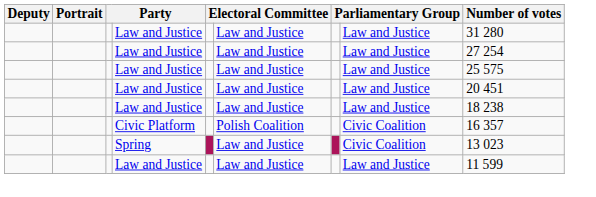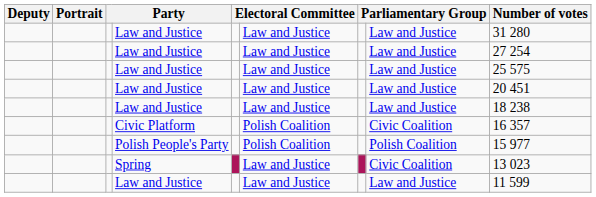 <table class="wikitable sortable" style="font-size:95%;line-height:14px;">
 <tr>
 <th>Deputy</th>
 <th>Portrait</th>
 <th colspan="2">Party</th>
 <th colspan="2">Electoral Committee</th>
 <th colspan="2">Parliamentary Group</th>
 <th>Number of votes</th>
 </tr>
 <tr>
 <td></td>
 <td></td>
 <td style="background:"></td>
 <td><a href='#'>Law and Justice</a></td>
 <td style="background:"></td>
 <td><a href='#'>Law and Justice</a></td>
 <td style="background:"></td>
 <td><a href='#'>Law and Justice</a></td>
 <td>31 280</td>
 </tr>
 <tr>
 <td></td>
 <td></td>
 <td style="background:"></td>
 <td><a href='#'>Law and Justice</a></td>
 <td style="background:"></td>
 <td><a href='#'>Law and Justice</a></td>
 <td style="background:"></td>
 <td><a href='#'>Law and Justice</a></td>
 <td>27 254</td>
 </tr>
 <tr>
 <td></td>
 <td></td>
 <td style="background:"></td>
 <td><a href='#'>Law and Justice</a></td>
 <td style="background:"></td>
 <td><a href='#'>Law and Justice</a></td>
 <td style="background:"></td>
 <td><a href='#'>Law and Justice</a></td>
 <td>25 575</td>
 </tr>
 <tr>
 <td></td>
 <td></td>
 <td style="background:"></td>
 <td><a href='#'>Law and Justice</a></td>
 <td style="background:"></td>
 <td><a href='#'>Law and Justice</a></td>
 <td style="background:"></td>
 <td><a href='#'>Law and Justice</a></td>
 <td>20 451</td>
 </tr>
 <tr>
 <td></td>
 <td></td>
 <td style="background:"></td>
 <td><a href='#'>Law and Justice</a></td>
 <td style="background:"></td>
 <td><a href='#'>Law and Justice</a></td>
 <td style="background:"></td>
 <td><a href='#'>Law and Justice</a></td>
 <td>18 238</td>
 </tr>
 <tr>
 <td></td>
 <td></td>
 <td style="background:"></td>
 <td><a href='#'>Civic Platform</a></td>
 <td style="background:"></td>
 <td><a href='#'>Polish Coalition</a></td>
 <td style="background:"></td>
 <td><a href='#'>Civic Coalition</a></td>
 <td>16 357</td>
 </tr>
 <tr>
 <td></td>
 <td></td>
 <td style="background:"></td>
+<td><a href='#'>Polish People's Party</a></td>
+<td style="background:"></td>
+<td><a href='#'>Polish Coalition</a></td>
+<td style="background:"></td>
+<td><a href='#'>Polish Coalition</a></td>
+<td>15 977</td>
+</tr>
+<tr>
+<td></td>
+<td></td>
+<td style="background:"></td>
 <td><a href='#'>Spring</a></td>
 <td style="background:#AC145A;"></td>
 <td><a href='#'>Law and Justice</a></td>
 <td style="background:#AC145A;"></td>
 <td><a href='#'>Civic Coalition</a></td>
 <td>13 023</td>
 </tr>
 <tr>
 <td></td>
 <td></td>
 <td style="background:"></td>
 <td><a href='#'>Law and Justice</a></td>
 <td style="background:"></td>
 <td><a href='#'>Law and Justice</a></td>
 <td style="background:"></td>
 <td><a href='#'>Law and Justice</a></td>
 <td>11 599</td>
 </tr>
 </table>
